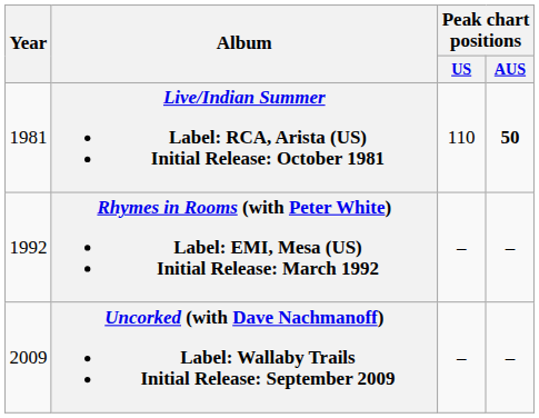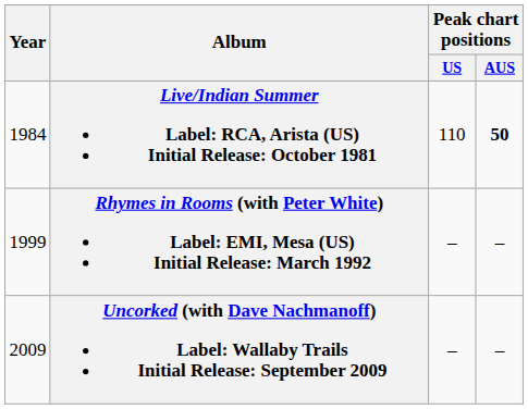 <table class="wikitable plainrowheaders" style="text-align:center;">
 <tr>
 <th rowspan="2">Year</th>
 <th rowspan="2" style="width:20em;">Album</th>
 <th colspan="2">Peak chart positions</th>
 </tr>
 <tr style="font-size:smaller;">
 <th style="width:35px;"><a href='#'>US</a></th>
 <th style="width:35px;"><a href='#'>AUS</a></th>
 </tr>
 <tr>
-<td>1981</td>
+<td>1984</td>
 <th scope="row"><em><a href='#'>Live/Indian Summer</a></em><br><ul><li>Label: RCA, Arista (US)</li><li>Initial Release: October 1981</li></ul></th>
 <td>110</td>
 <td><strong>50</strong></td>
 </tr>
 <tr>
-<td>1992</td>
+<td>1999</td>
 <th scope="row"><em><a href='#'>Rhymes in Rooms</a></em> (with <a href='#'>Peter White</a>)<br><ul><li>Label: EMI, Mesa (US)</li><li>Initial Release: March 1992</li></ul></th>
 <td>–</td>
 <td>–</td>
 </tr>
 <tr>
 <td>2009</td>
 <th scope="row"><em><a href='#'>Uncorked</a></em> (with <a href='#'>Dave Nachmanoff</a>)<br><ul><li>Label: Wallaby Trails</li><li>Initial Release: September 2009</li></ul></th>
 <td>–</td>
 <td>–</td>
 </tr>
 </table>
